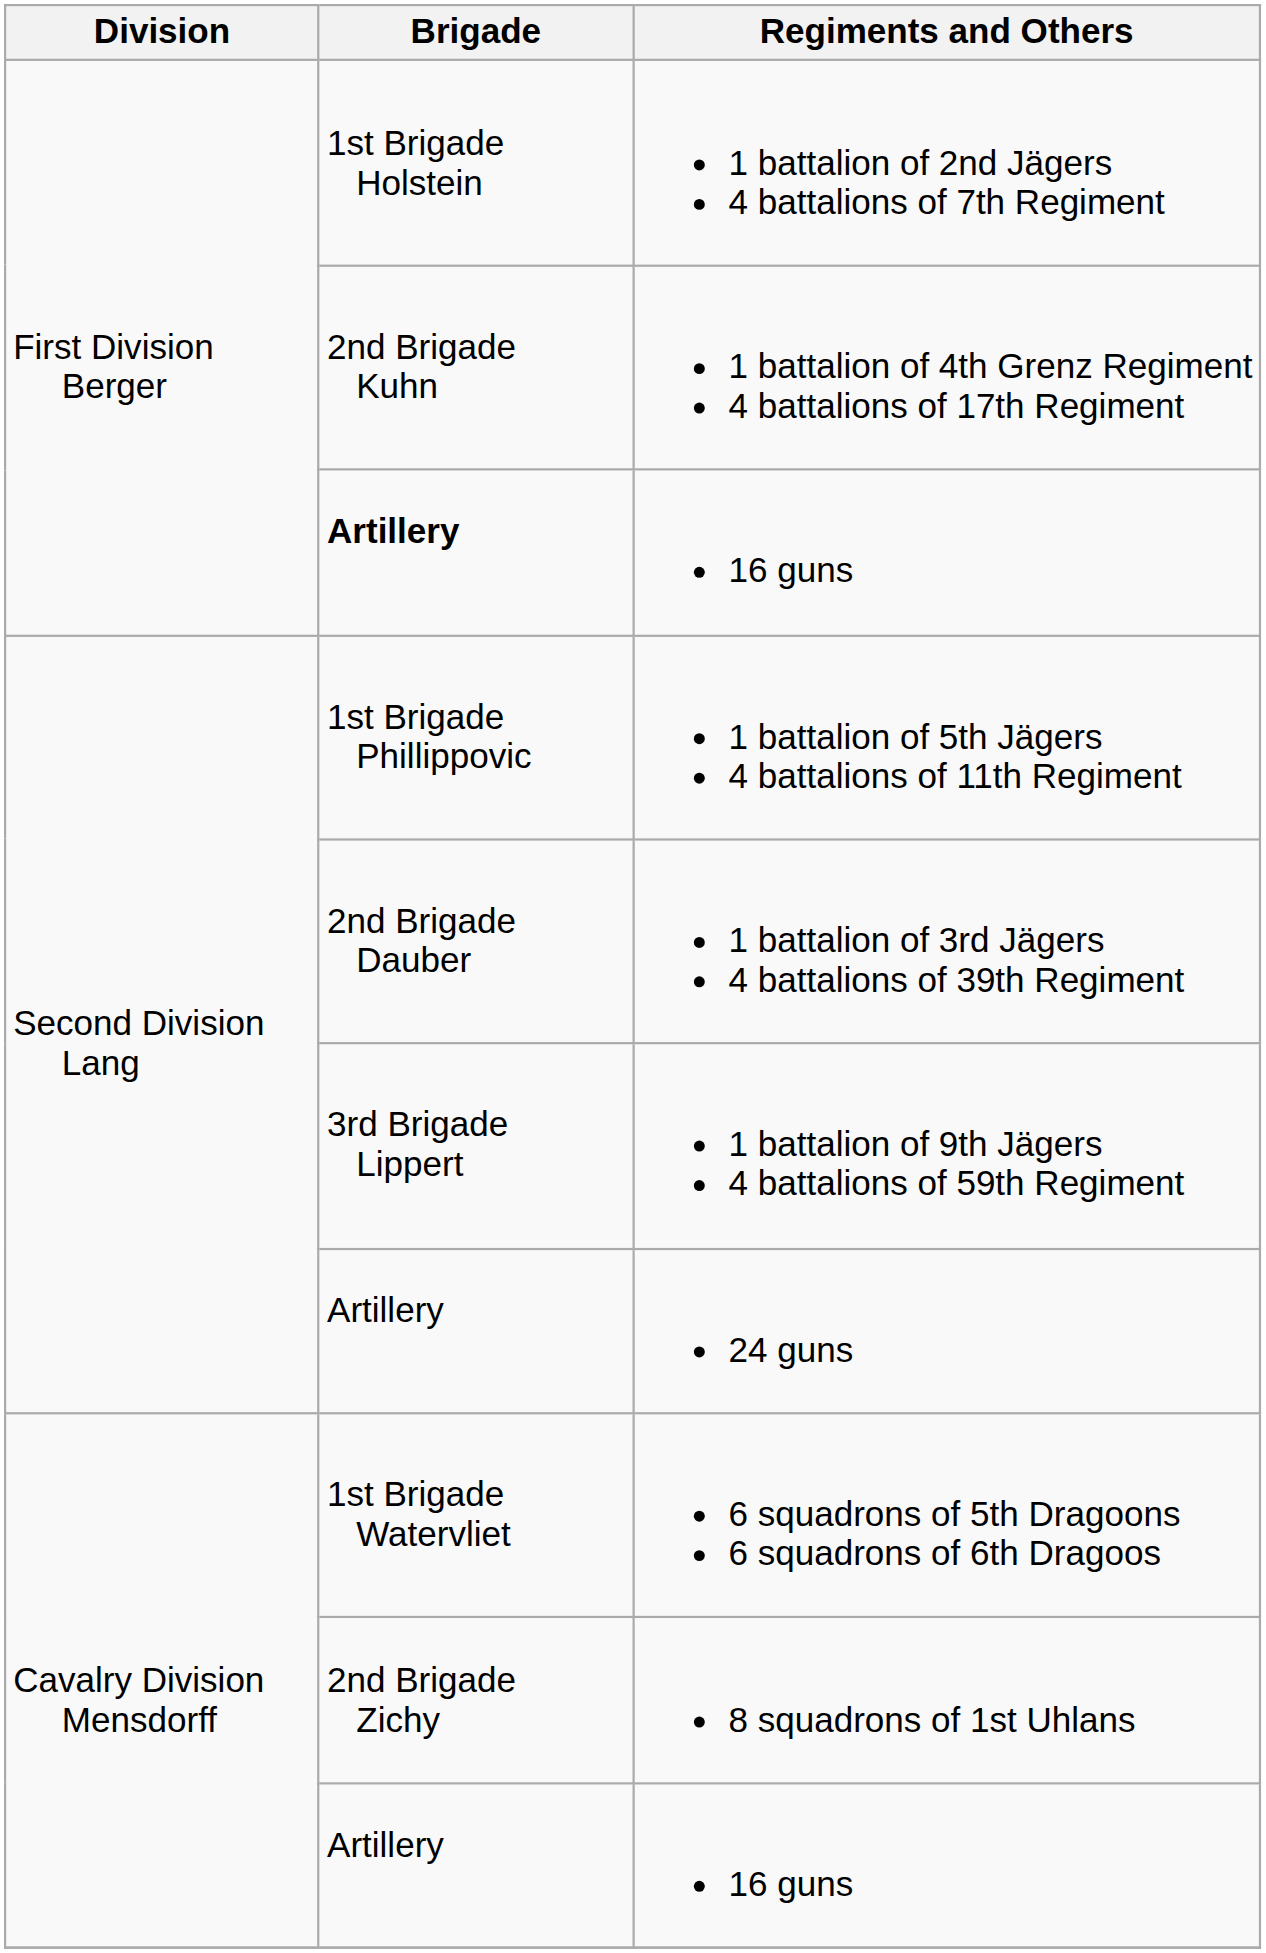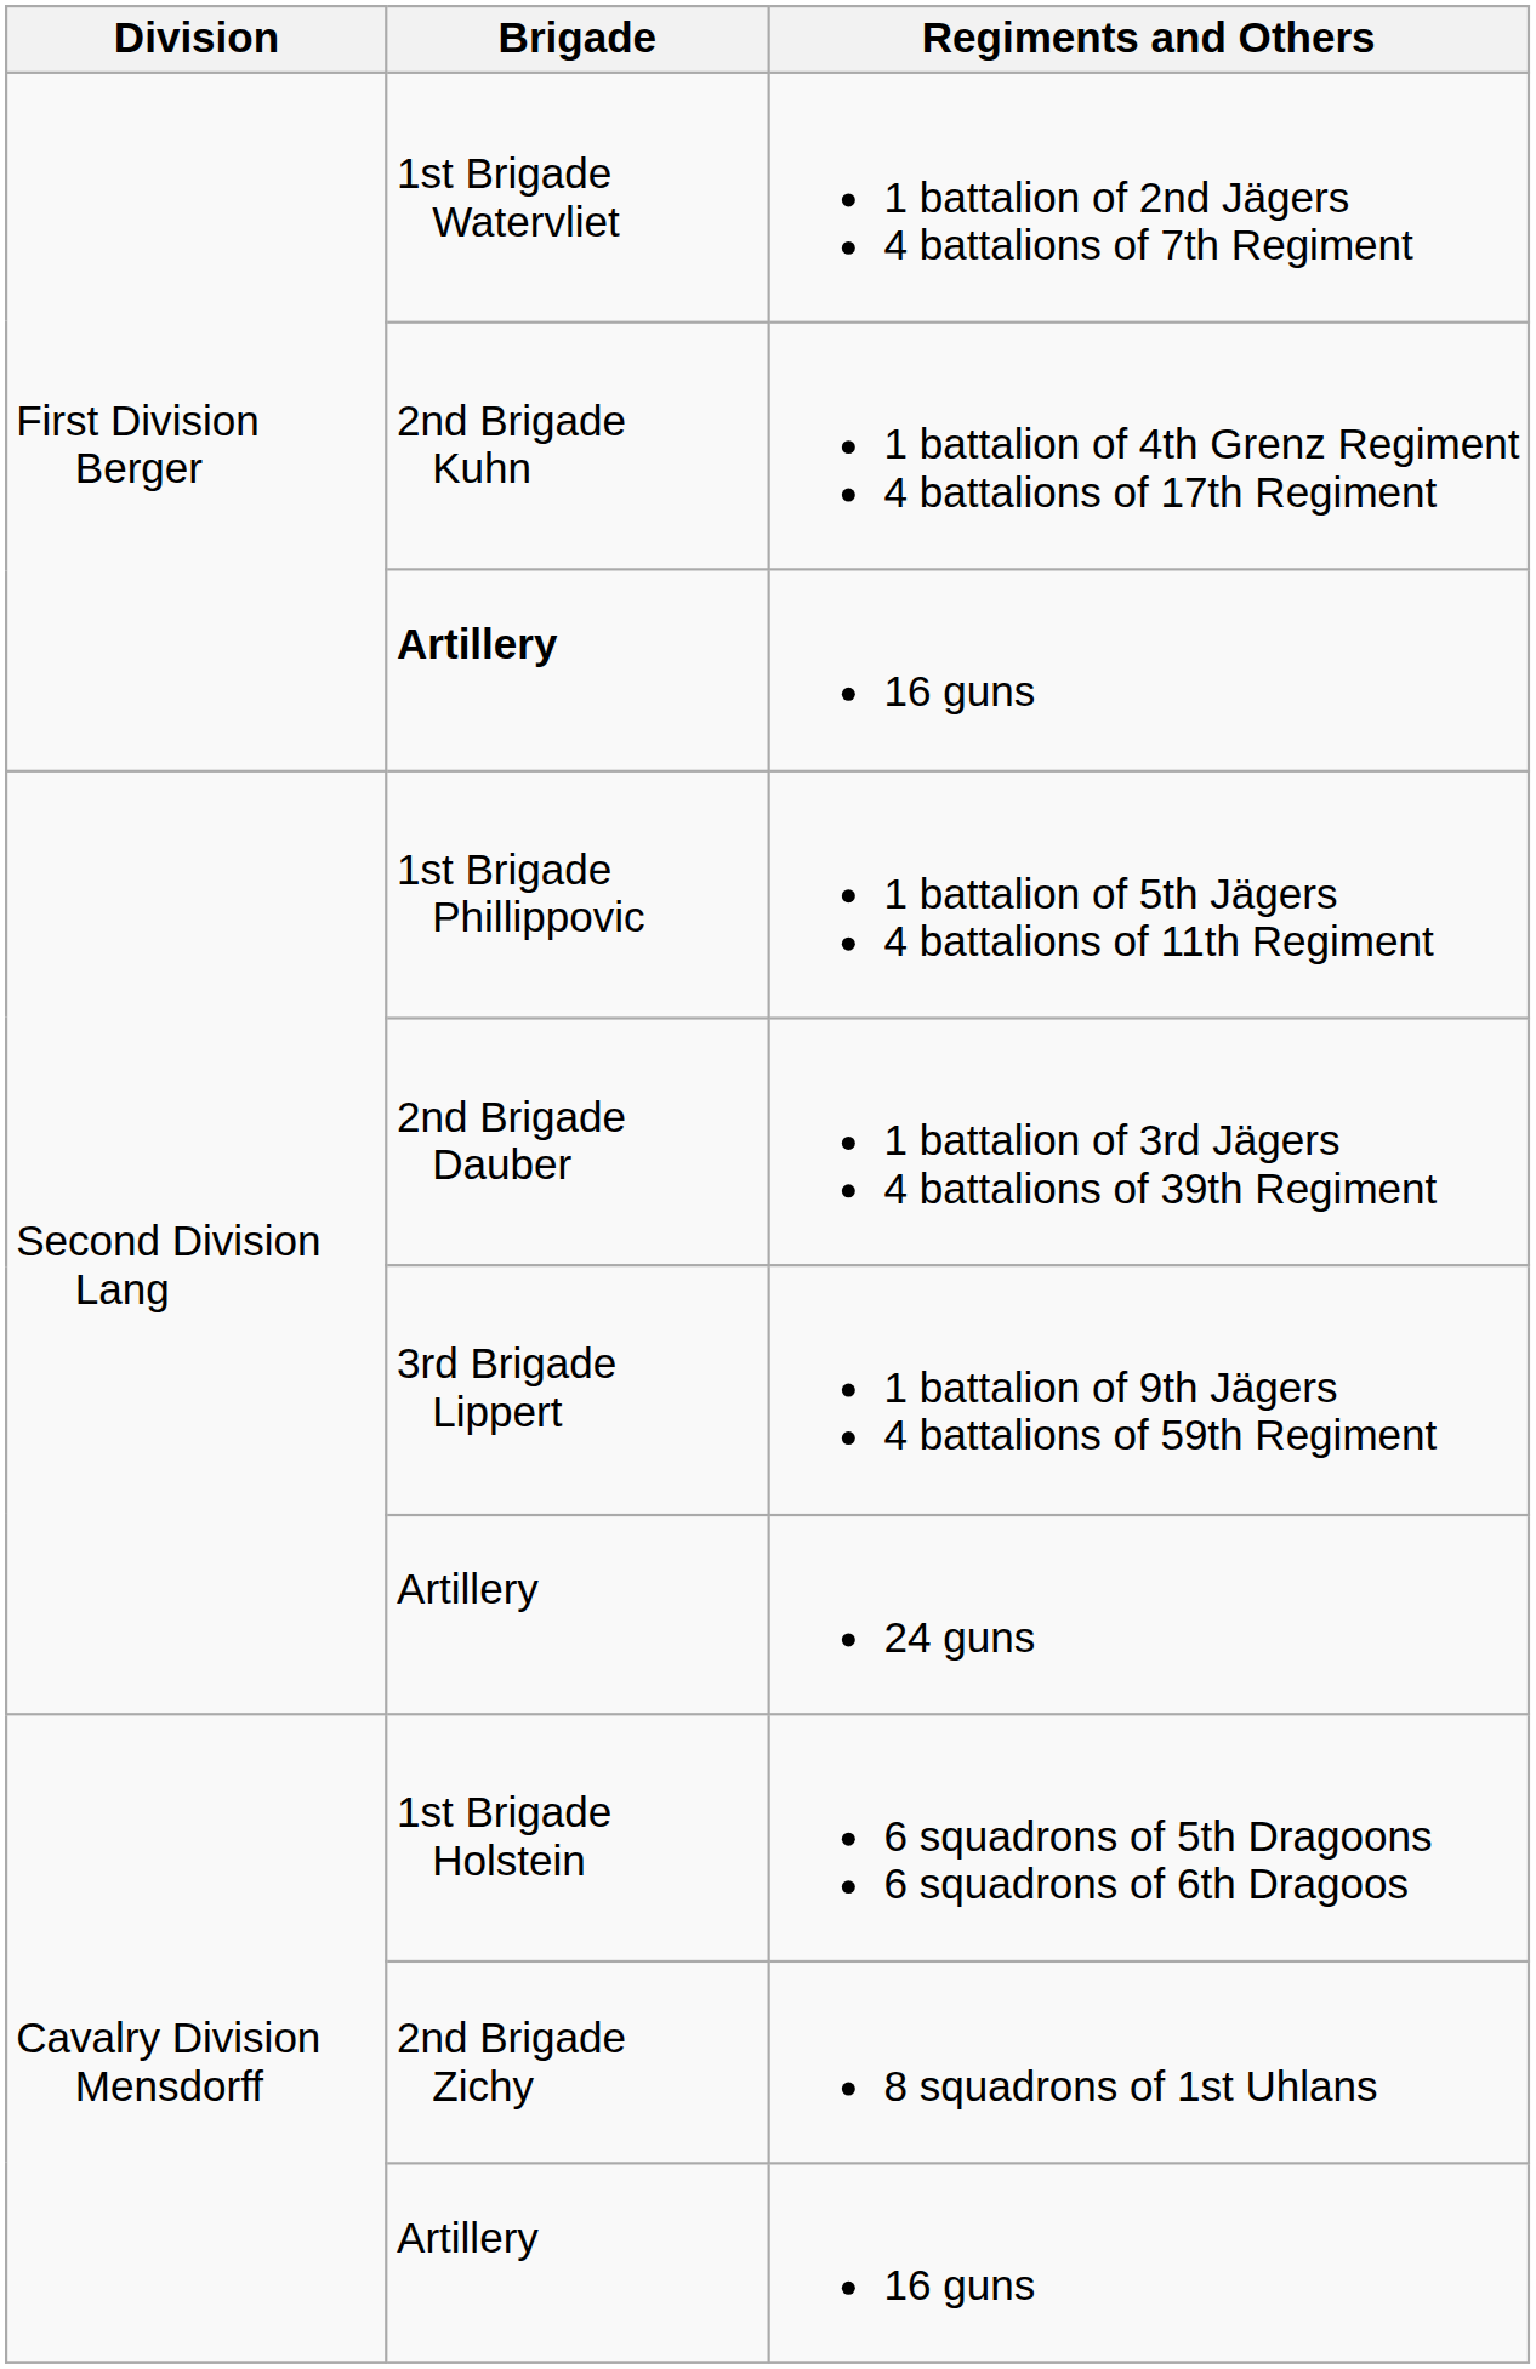 <table class="wikitable">
 <tr>
 <th width=25%>Division</th>
 <th width=25%>Brigade</th>
 <th>Regiments and Others</th>
 </tr>
 <tr>
 <td rowspan=3><br>First Division <br>     Berger</td>
-<td>1st Brigade<br>   Holstein</td>
+<td>1st Brigade<br>   Watervliet</td>
 <td><br><ul><li>1 battalion of 2nd Jägers</li><li>4 battalions of 7th Regiment</li></ul></td>
 </tr>
 <tr>
 <td>2nd Brigade<br>   Kuhn</td>
 <td><br><ul><li>1 battalion of 4th Grenz Regiment</li><li>4 battalions of 17th Regiment</li></ul></td>
 </tr>
 <tr>
 <td><strong>Artillery<br>  </strong></td>
 <td><br><ul><li>16 guns</li></ul></td>
 </tr>
 <tr>
 <td rowspan=4><br>Second Division <br>     Lang</td>
 <td>1st Brigade<br>   Phillippovic</td>
 <td><br><ul><li>1 battalion of 5th Jägers</li><li>4 battalions of 11th Regiment</li></ul></td>
 </tr>
 <tr>
 <td>2nd Brigade<br>   Dauber</td>
 <td><br><ul><li>1 battalion of 3rd Jägers</li><li>4 battalions of 39th Regiment</li></ul></td>
 </tr>
 <tr>
 <td>3rd Brigade<br>   Lippert</td>
 <td><br><ul><li>1 battalion of 9th Jägers</li><li>4 battalions of 59th Regiment</li></ul></td>
 </tr>
 <tr>
 <td>Artillery<br>  </td>
 <td><br><ul><li>24 guns</li></ul></td>
 </tr>
 <tr>
 <td rowspan=3><br>Cavalry Division <br>     Mensdorff</td>
-<td>1st Brigade<br>   Watervliet</td>
+<td>1st Brigade<br>   Holstein</td>
 <td><br><ul><li>6 squadrons of 5th Dragoons</li><li>6 squadrons of 6th Dragoos</li></ul></td>
 </tr>
 <tr>
 <td>2nd Brigade<br>   Zichy</td>
 <td><br><ul><li>8 squadrons of 1st Uhlans</li></ul></td>
 </tr>
 <tr>
 <td>Artillery<br>  </td>
 <td><br><ul><li>16 guns</li></ul></td>
 </tr>
 <tr>
 </tr>
 </table>
